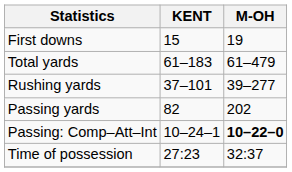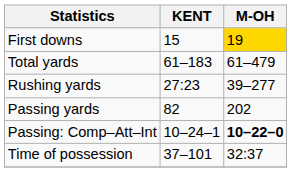 <table class="wikitable" style="float:left">
 <tr>
 <th>Statistics</th>
 <th>KENT</th>
 <th>M-OH</th>
 </tr>
 <tr>
 <td>First downs</td>
 <td>15</td>
-<td>19</td>
+<td style="background: gold;">19</td>
 </tr>
 <tr>
 <td>Total yards</td>
 <td>61–183</td>
 <td>61–479</td>
 </tr>
 <tr>
 <td>Rushing yards</td>
-<td>37–101</td>
+<td>27:23</td>
 <td>39–277</td>
 </tr>
 <tr>
 <td>Passing yards</td>
 <td>82</td>
 <td>202</td>
 </tr>
 <tr>
 <td>Passing: Comp–Att–Int</td>
 <td>10–24–1</td>
 <td><strong>10–22–0</strong></td>
 </tr>
 <tr>
 <td>Time of possession</td>
-<td>27:23</td>
+<td>37–101</td>
 <td>32:37</td>
 </tr>
 <tr>
 </tr>
 </table>
